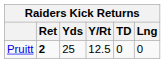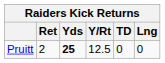 <table class="wikitable">
 <tr>
 <th colspan="6">Raiders Kick Returns</th>
 </tr>
 <tr>
 <th></th>
 <th>Ret</th>
 <th>Yds</th>
 <th>Y/Rt</th>
 <th>TD</th>
 <th>Lng</th>
 </tr>
 <tr>
 <td><a href='#'>Pruitt</a></td>
-<td><strong>2</strong></td>
-<td>25</td>
+<td>2</td>
+<td><strong>25</strong></td>
 <td>12.5</td>
 <td>0</td>
 <td>0</td>
 </tr>
 </table>
